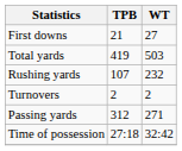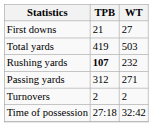 <table class="wikitable">
 <tr>
 <th>Statistics</th>
 <th>TPB</th>
 <th>WT</th>
 </tr>
 <tr>
 <td>First downs</td>
 <td>21</td>
 <td>27</td>
 </tr>
 <tr>
 <td>Total yards</td>
 <td>419</td>
 <td>503</td>
 </tr>
 <tr>
 <td>Rushing yards</td>
-<td>107</td>
+<td><strong>107</strong></td>
 <td>232</td>
+</tr>
+<tr>
+<td>Passing yards</td>
+<td>312</td>
+<td>271</td>
 </tr>
 <tr>
 <td>Turnovers</td>
 <td>2</td>
 <td>2</td>
-</tr>
-<tr>
-<td>Passing yards</td>
-<td>312</td>
-<td>271</td>
 </tr>
 <tr>
 <td>Time of possession</td>
 <td>27:18</td>
 <td>32:42</td>
 </tr>
 <tr>
 </tr>
 </table>
